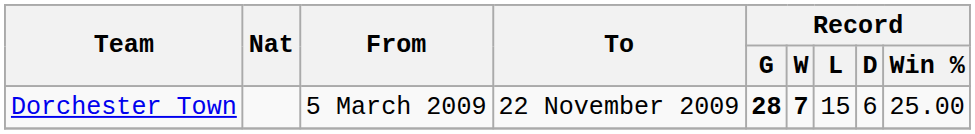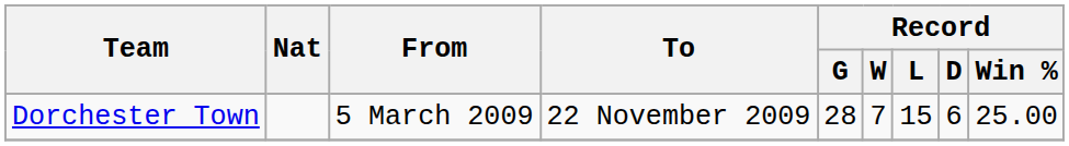 <table class="wikitable" style="text-align: center">
 <tr>
 <th rowspan="2">Team</th>
 <th rowspan="2">Nat</th>
 <th rowspan="2">From</th>
 <th rowspan="2">To</th>
 <th colspan="5">Record</th>
 </tr>
 <tr>
 <th>G</th>
 <th>W</th>
 <th>L</th>
 <th>D</th>
 <th>Win %</th>
 </tr>
 <tr>
 <td align=left><a href='#'>Dorchester Town</a></td>
 <td></td>
 <td align=left>5 March 2009</td>
 <td align=left>22 November 2009</td>
-<td><strong>28</strong></td>
-<td><strong>7</strong></td>
+<td>28</td>
+<td>7</td>
 <td>15</td>
 <td>6</td>
 <td>25.00</td>
 </tr>
 <tr>
 </tr>
 </table>
